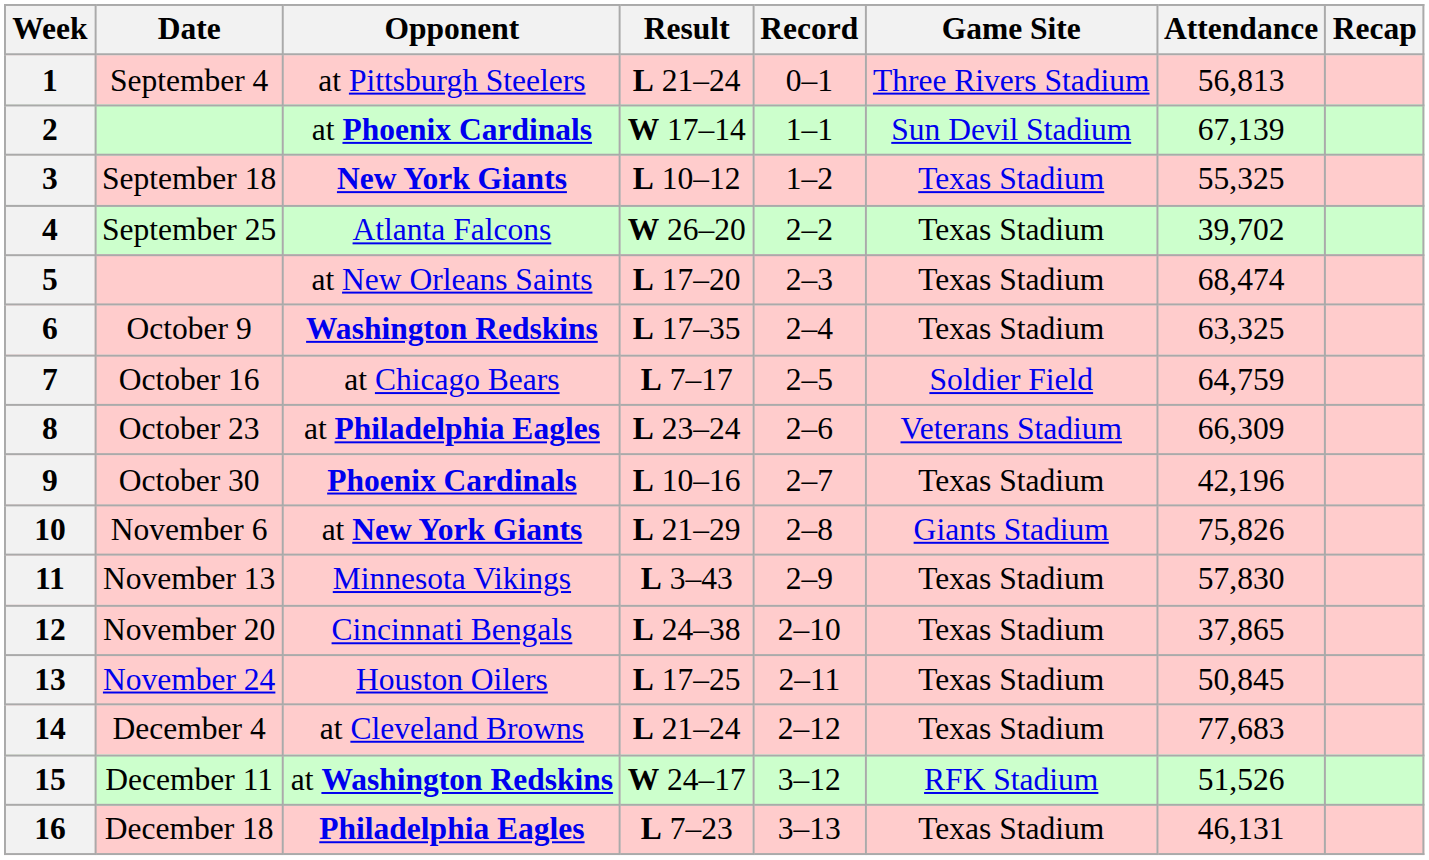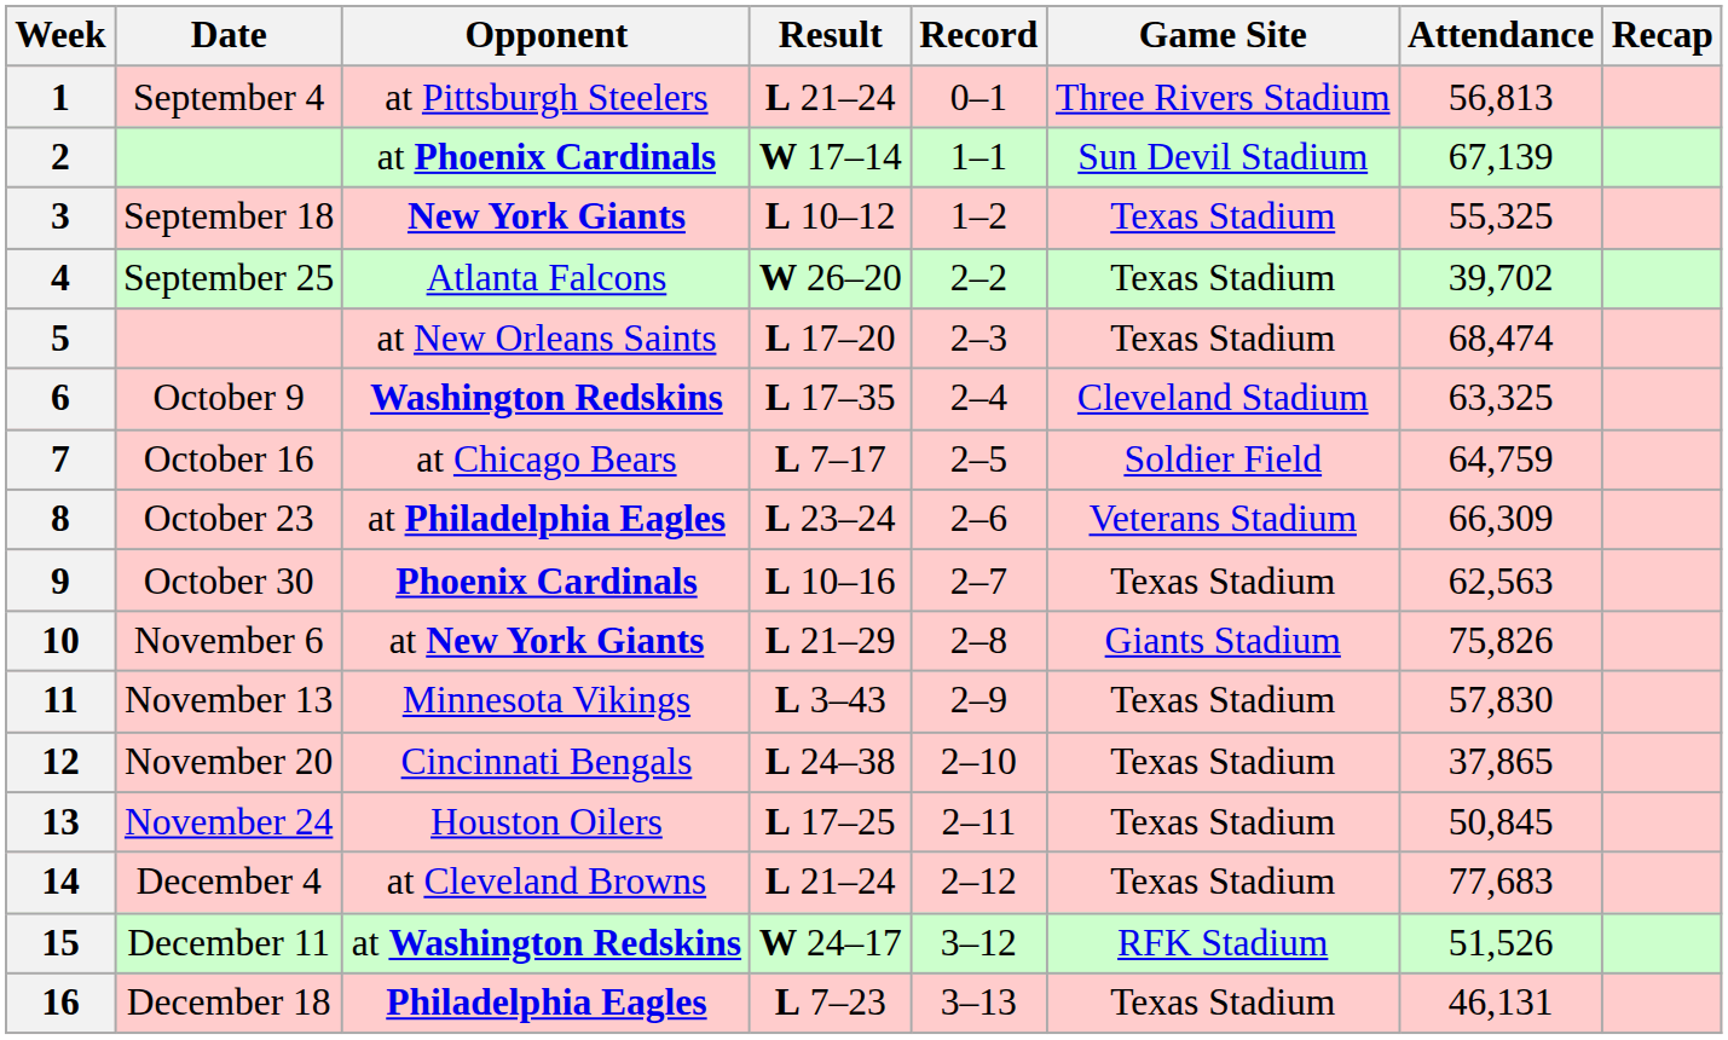 <table class="wikitable" style="text-align:center">
 <tr>
 <th>Week</th>
 <th>Date</th>
 <th>Opponent</th>
 <th>Result</th>
 <th>Record</th>
 <th>Game Site</th>
 <th>Attendance</th>
 <th>Recap</th>
 </tr>
 <tr style="background: #fcc">
 <th>1</th>
 <td>September 4</td>
 <td>at <a href='#'>Pittsburgh Steelers</a></td>
 <td><strong>L</strong> 21–24</td>
 <td>0–1</td>
 <td><a href='#'>Three Rivers Stadium</a></td>
 <td>56,813</td>
 <td></td>
 </tr>
 <tr style="background: #cfc">
 <th>2</th>
 <td></td>
 <td>at <strong><a href='#'>Phoenix Cardinals</a></strong></td>
 <td><strong>W</strong> 17–14</td>
 <td>1–1</td>
 <td><a href='#'>Sun Devil Stadium</a></td>
 <td>67,139</td>
 <td></td>
 </tr>
 <tr style="background: #fcc">
 <th>3</th>
 <td>September 18</td>
 <td><strong><a href='#'>New York Giants</a></strong></td>
 <td><strong>L</strong> 10–12</td>
 <td>1–2</td>
 <td><a href='#'>Texas Stadium</a></td>
 <td>55,325</td>
 <td></td>
 </tr>
 <tr style="background: #cfc">
 <th>4</th>
 <td>September 25</td>
 <td><a href='#'>Atlanta Falcons</a></td>
 <td><strong>W</strong> 26–20</td>
 <td>2–2</td>
 <td>Texas Stadium</td>
 <td>39,702</td>
 <td></td>
 </tr>
 <tr style="background: #fcc">
 <th>5</th>
 <td></td>
 <td>at <a href='#'>New Orleans Saints</a></td>
 <td><strong>L</strong> 17–20</td>
 <td>2–3</td>
 <td>Texas Stadium</td>
 <td>68,474</td>
 <td></td>
 </tr>
 <tr style="background: #fcc">
 <th>6</th>
 <td>October 9</td>
 <td><strong><a href='#'>Washington Redskins</a></strong></td>
 <td><strong>L</strong> 17–35</td>
 <td>2–4</td>
-<td>Texas Stadium</td>
+<td><a href='#'>Cleveland Stadium</a></td>
 <td>63,325</td>
 <td></td>
 </tr>
 <tr style="background: #fcc">
 <th>7</th>
 <td>October 16</td>
 <td>at <a href='#'>Chicago Bears</a></td>
 <td><strong>L</strong> 7–17</td>
 <td>2–5</td>
 <td><a href='#'>Soldier Field</a></td>
 <td>64,759</td>
 <td></td>
 </tr>
 <tr style="background: #fcc">
 <th>8</th>
 <td>October 23</td>
 <td>at <strong><a href='#'>Philadelphia Eagles</a></strong></td>
 <td><strong>L</strong> 23–24</td>
 <td>2–6</td>
 <td><a href='#'>Veterans Stadium</a></td>
 <td>66,309</td>
 <td></td>
 </tr>
 <tr style="background: #fcc">
 <th>9</th>
 <td>October 30</td>
 <td><strong><a href='#'>Phoenix Cardinals</a></strong></td>
 <td><strong>L</strong> 10–16</td>
 <td>2–7</td>
 <td>Texas Stadium</td>
-<td>42,196</td>
+<td>62,563</td>
 <td></td>
 </tr>
 <tr style="background: #fcc">
 <th>10</th>
 <td>November 6</td>
 <td>at <strong><a href='#'>New York Giants</a></strong></td>
 <td><strong>L</strong> 21–29</td>
 <td>2–8</td>
 <td><a href='#'>Giants Stadium</a></td>
 <td>75,826</td>
 <td></td>
 </tr>
 <tr style="background: #fcc">
 <th>11</th>
 <td>November 13</td>
 <td><a href='#'>Minnesota Vikings</a></td>
 <td><strong>L</strong> 3–43</td>
 <td>2–9</td>
 <td>Texas Stadium</td>
 <td>57,830</td>
 <td></td>
 </tr>
 <tr style="background: #fcc">
 <th>12</th>
 <td>November 20</td>
 <td><a href='#'>Cincinnati Bengals</a></td>
 <td><strong>L</strong> 24–38</td>
 <td>2–10</td>
 <td>Texas Stadium</td>
 <td>37,865</td>
 <td></td>
 </tr>
 <tr style="background: #fcc">
 <th>13</th>
 <td><a href='#'>November 24</a></td>
 <td><a href='#'>Houston Oilers</a></td>
 <td><strong>L</strong> 17–25</td>
 <td>2–11</td>
 <td>Texas Stadium</td>
 <td>50,845</td>
 <td></td>
 </tr>
 <tr style="background: #fcc">
 <th>14</th>
 <td>December 4</td>
 <td>at <a href='#'>Cleveland Browns</a></td>
 <td><strong>L</strong> 21–24</td>
 <td>2–12</td>
 <td>Texas Stadium</td>
 <td>77,683</td>
 <td></td>
 </tr>
 <tr style="background: #cfc">
 <th>15</th>
 <td>December 11</td>
 <td>at <strong><a href='#'>Washington Redskins</a></strong></td>
 <td><strong>W</strong> 24–17</td>
 <td>3–12</td>
 <td><a href='#'>RFK Stadium</a></td>
 <td>51,526</td>
 <td></td>
 </tr>
 <tr style="background: #fcc">
 <th>16</th>
 <td>December 18</td>
 <td><strong><a href='#'>Philadelphia Eagles</a></strong></td>
 <td><strong>L</strong> 7–23</td>
 <td>3–13</td>
 <td>Texas Stadium</td>
 <td>46,131</td>
 <td></td>
 </tr>
 </table>
